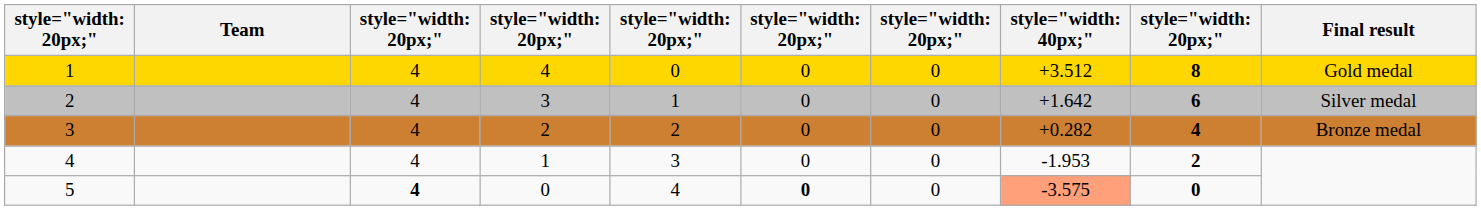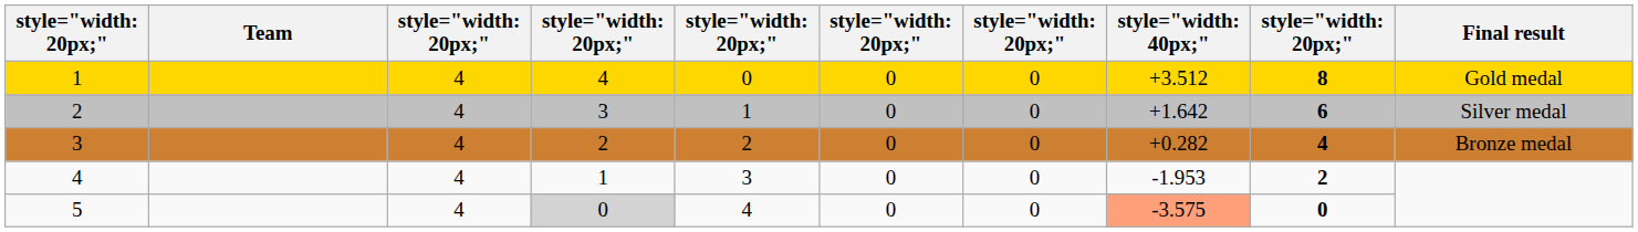 <table class="wikitable" border="1" style="text-align: center;">
 <tr>
 <th>style="width: 20px;"</th>
 <th style="width: 175px;">Team</th>
 <th>style="width: 20px;"</th>
 <th>style="width: 20px;"</th>
 <th>style="width: 20px;"</th>
 <th>style="width: 20px;"</th>
 <th>style="width: 20px;"</th>
 <th>style="width: 40px;"</th>
 <th>style="width: 20px;"</th>
 <th style="width: 175px;">Final result</th>
 </tr>
 <tr style="background:#FFD700;">
 <td>1</td>
 <td style="text-align:left"></td>
 <td>4</td>
 <td>4</td>
 <td>0</td>
 <td>0</td>
 <td>0</td>
 <td>+3.512</td>
 <td><strong>8</strong></td>
 <td>Gold medal</td>
 </tr>
 <tr style="background:#C0C0C0;">
 <td>2</td>
 <td style="text-align:left"></td>
 <td>4</td>
 <td>3</td>
 <td>1</td>
 <td>0</td>
 <td>0</td>
 <td>+1.642</td>
 <td><strong>6</strong></td>
 <td>Silver medal</td>
 </tr>
 <tr style="background:#CD7F32;">
 <td>3</td>
 <td style="text-align:left"></td>
 <td>4</td>
 <td>2</td>
 <td>2</td>
 <td>0</td>
 <td>0</td>
 <td>+0.282</td>
 <td><strong>4</strong></td>
 <td>Bronze medal</td>
 </tr>
 <tr>
 <td>4</td>
 <td style="text-align:left"></td>
 <td>4</td>
 <td>1</td>
 <td>3</td>
 <td>0</td>
 <td>0</td>
 <td>-1.953</td>
 <td><strong>2</strong></td>
 </tr>
 <tr>
 <td>5</td>
 <td style="text-align:left"></td>
-<td><strong>4</strong></td>
+<td>4</td>
+<td style="background: lightgrey;">0</td>
+<td>4</td>
 <td>0</td>
-<td>4</td>
-<td><strong>0</strong></td>
 <td>0</td>
 <td style="background: lightsalmon;">-3.575</td>
 <td><strong>0</strong></td>
 </tr>
 </table>
